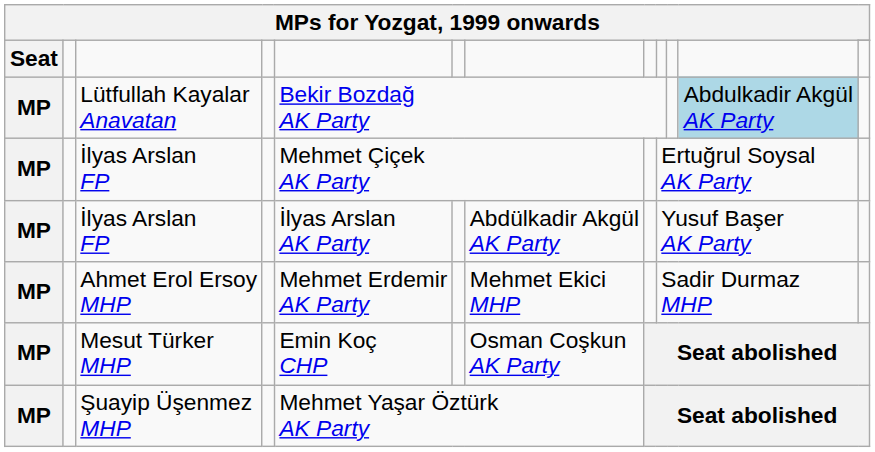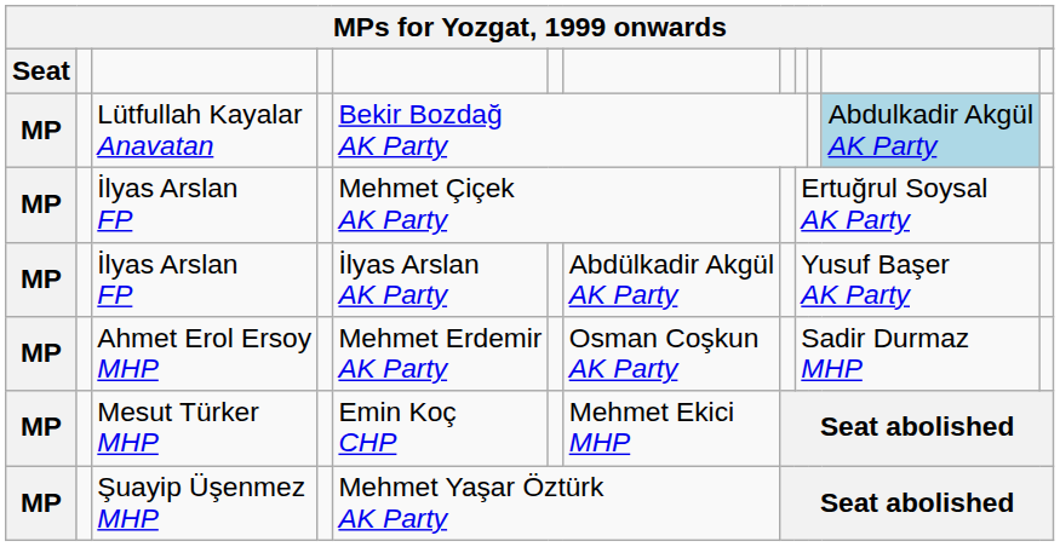 <table class="wikitable">
 <tr>
 <th colspan = 12>MPs for Yozgat, 1999 onwards</th>
 </tr>
 <tr>
 <th rowspan = 2>Seat</th>
 <td rowspan="2" style="width:1px;"></td>
 <td rowspan = 2></td>
 <td rowspan="2" style="width:1px;"></td>
 <td rowspan = 2></td>
 <td rowspan="2" style="width:1px;"></td>
 <td rowspan = 2></td>
 <td rowspan="2" style="width:1px;"></td>
 <td rowspan = 2></td>
 <td rowspan="2" style="width:1px;"></td>
 <td rowspan = 2></td>
 </tr>
 <tr>
 <td></td>
 </tr>
 <tr>
 <th>MP</th>
 <td width=1px style="background-color: "></td>
 <td colspan = 1>Lütfullah Kayalar<br><em><a href='#'>Anavatan</a></em></td>
 <td width=1px style="background-color: "></td>
 <td colspan = 5><a href='#'>Bekir Bozdağ</a><br><em><a href='#'>AK Party</a></em></td>
 <td width=1px style="background-color: "></td>
 <td colspan = 1 style="background: lightblue;">Abdulkadir Akgül<br><em><a href='#'>AK Party</a></em></td>
 <td width=1px style="background-color: "></td>
 </tr>
 <tr>
 <th>MP</th>
 <td width=1px style="background-color: "></td>
 <td colspan = 1>İlyas Arslan<br><em><a href='#'>FP</a></em></td>
 <td width=1px style="background-color: "></td>
 <td colspan = 3>Mehmet Çiçek<br><em><a href='#'>AK Party</a></em></td>
 <td width=1px style="background-color: "></td>
 <td colspan = 3>Ertuğrul Soysal<br><em><a href='#'>AK Party</a></em></td>
 <td width=1px style="background-color: "></td>
 </tr>
 <tr>
 <th>MP</th>
 <td width=1px style="background-color: "></td>
 <td colspan = 1>İlyas Arslan<br><em><a href='#'>FP</a></em></td>
 <td width=1px style="background-color: "></td>
 <td colspan = 1>İlyas Arslan<br><em><a href='#'>AK Party</a></em></td>
 <td width=1px style="background-color: "></td>
 <td colspan = 1>Abdülkadir Akgül<br><em><a href='#'>AK Party</a></em></td>
 <td width=1px style="background-color: "></td>
 <td colspan = 3>Yusuf Başer<br><em><a href='#'>AK Party</a></em></td>
 <td width=1px style="background-color: "></td>
 </tr>
 <tr>
 <th>MP</th>
 <td width=1px style="background-color: "></td>
 <td colspan = 1>Ahmet Erol Ersoy<br><em><a href='#'>MHP</a></em></td>
 <td width=1px style="background-color: "></td>
 <td colspan = 1>Mehmet Erdemir<br><em><a href='#'>AK Party</a></em></td>
 <td width=1px style="background-color: "></td>
-<td colspan = 1>Mehmet Ekici<br><em><a href='#'>MHP</a></em></td>
+<td colspan = 1>Osman Coşkun<br><em><a href='#'>AK Party</a></em></td>
 <td width=1px style="background-color: "></td>
 <td colspan = 3>Sadir Durmaz<br><em><a href='#'>MHP</a></em></td>
 <td width=1px style="background-color: "></td>
 </tr>
 <tr>
 <th>MP</th>
 <td width=1px style="background-color: "></td>
 <td colspan = 1>Mesut Türker<br><em><a href='#'>MHP</a></em></td>
 <td width=1px style="background-color: "></td>
 <td colspan = 1>Emin Koç<br><em><a href='#'>CHP</a></em></td>
 <td width=1px style="background-color: "></td>
-<td colspan = 1>Osman Coşkun<br><em><a href='#'>AK Party</a></em></td>
+<td colspan = 1>Mehmet Ekici<br><em><a href='#'>MHP</a></em></td>
 <th colspan = 5>Seat abolished</th>
 </tr>
 <tr>
 <th>MP</th>
 <td width=1px style="background-color: "></td>
 <td colspan = 1>Şuayip Üşenmez<br><em><a href='#'>MHP</a></em></td>
 <td width=1px style="background-color: "></td>
 <td colspan = 3>Mehmet Yaşar Öztürk<br><em><a href='#'>AK Party</a></em></td>
 <th colspan = 5>Seat abolished</th>
 </tr>
 </table>
